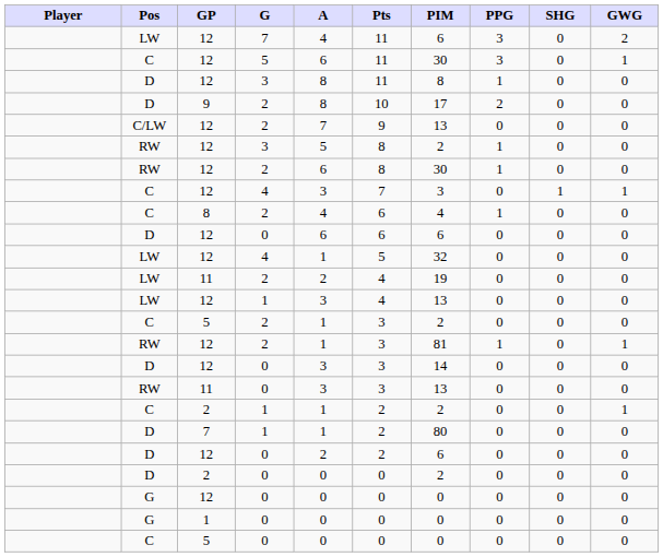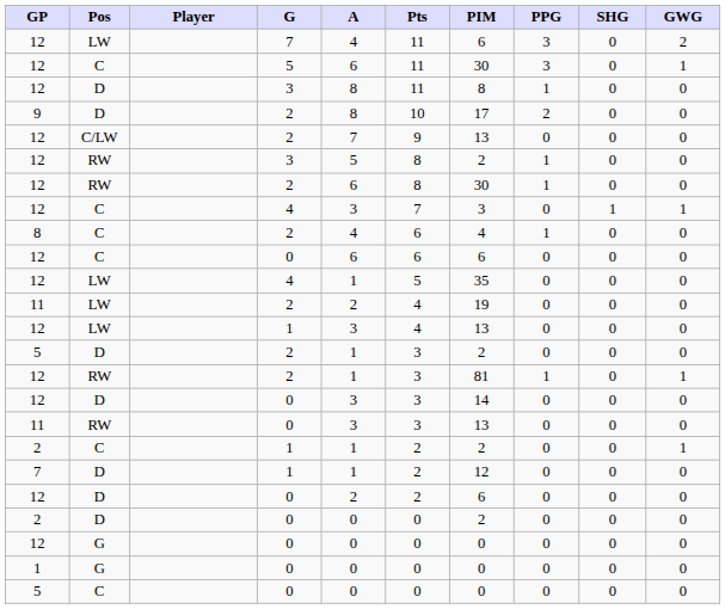 <table style="width:60%;" class="wikitable sortable">
 <tr style="text-align:center;">
+<th style="background:#ddf; width:5%;" title="Games played">GP</th>
+<th style="background:#ddf; width:3%;" title="Position">Pos</th>
 <th style="background:#ddf; width:10%;">Player</th>
-<th style="background:#ddf; width:3%;" title="Position">Pos</th>
-<th style="background:#ddf; width:5%;" title="Games played">GP</th>
 <th style="background:#ddf; width:5%;" title="Goals">G</th>
 <th style="background:#ddf; width:5%;" title="Assists">A</th>
 <th style="background:#ddf; width:5%;" title="Points">Pts</th>
 <th style="background:#ddf; width:5%;" title="Penalties in Minutes">PIM</th>
 <th style="background:#ddf; width:5%;" title="Power Play Goals">PPG</th>
 <th style="background:#ddf; width:5%;" title="Short-handed Goals">SHG</th>
 <th style="background:#ddf; width:5%;" title="Game-winning Goals">GWG</th>
 </tr>
 <tr style="text-align:center;">
+<td>12</td>
+<td>LW</td>
 <td style="text-align:right;"></td>
-<td>LW</td>
-<td>12</td>
 <td>7</td>
 <td>4</td>
 <td>11</td>
 <td>6</td>
 <td>3</td>
 <td>0</td>
 <td>2</td>
 </tr>
 <tr style="text-align:center;">
+<td>12</td>
+<td>C</td>
 <td style="text-align:right;"></td>
-<td>C</td>
-<td>12</td>
 <td>5</td>
 <td>6</td>
 <td>11</td>
 <td>30</td>
 <td>3</td>
 <td>0</td>
 <td>1</td>
 </tr>
 <tr style="text-align:center;">
+<td>12</td>
+<td>D</td>
 <td style="text-align:right;"></td>
-<td>D</td>
-<td>12</td>
 <td>3</td>
 <td>8</td>
 <td>11</td>
 <td>8</td>
 <td>1</td>
 <td>0</td>
 <td>0</td>
 </tr>
 <tr style="text-align:center;">
+<td>9</td>
+<td>D</td>
 <td style="text-align:right;"></td>
-<td>D</td>
-<td>9</td>
 <td>2</td>
 <td>8</td>
 <td>10</td>
 <td>17</td>
 <td>2</td>
 <td>0</td>
 <td>0</td>
 </tr>
 <tr style="text-align:center;">
+<td>12</td>
+<td>C/LW</td>
 <td style="text-align:right;"></td>
-<td>C/LW</td>
-<td>12</td>
 <td>2</td>
 <td>7</td>
 <td>9</td>
 <td>13</td>
 <td>0</td>
 <td>0</td>
 <td>0</td>
 </tr>
 <tr style="text-align:center;">
+<td>12</td>
+<td>RW</td>
 <td style="text-align:right;"></td>
-<td>RW</td>
-<td>12</td>
 <td>3</td>
 <td>5</td>
 <td>8</td>
 <td>2</td>
 <td>1</td>
 <td>0</td>
 <td>0</td>
 </tr>
 <tr style="text-align:center;">
+<td>12</td>
+<td>RW</td>
 <td style="text-align:right;"></td>
-<td>RW</td>
-<td>12</td>
 <td>2</td>
 <td>6</td>
 <td>8</td>
 <td>30</td>
 <td>1</td>
 <td>0</td>
 <td>0</td>
 </tr>
 <tr style="text-align:center;">
+<td>12</td>
+<td>C</td>
 <td style="text-align:right;"></td>
-<td>C</td>
-<td>12</td>
 <td>4</td>
 <td>3</td>
 <td>7</td>
 <td>3</td>
 <td>0</td>
 <td>1</td>
 <td>1</td>
 </tr>
 <tr style="text-align:center;">
+<td>8</td>
+<td>C</td>
 <td style="text-align:right;"></td>
-<td>C</td>
-<td>8</td>
 <td>2</td>
 <td>4</td>
 <td>6</td>
 <td>4</td>
 <td>1</td>
 <td>0</td>
 <td>0</td>
 </tr>
 <tr style="text-align:center;">
+<td>12</td>
+<td>C</td>
 <td style="text-align:right;"></td>
-<td>D</td>
-<td>12</td>
 <td>0</td>
 <td>6</td>
 <td>6</td>
 <td>6</td>
 <td>0</td>
 <td>0</td>
 <td>0</td>
 </tr>
 <tr style="text-align:center;">
+<td>12</td>
+<td>LW</td>
 <td style="text-align:right;"></td>
-<td>LW</td>
-<td>12</td>
 <td>4</td>
 <td>1</td>
 <td>5</td>
-<td>32</td>
+<td>35</td>
 <td>0</td>
 <td>0</td>
 <td>0</td>
 </tr>
 <tr style="text-align:center;">
+<td>11</td>
+<td>LW</td>
 <td style="text-align:right;"></td>
-<td>LW</td>
-<td>11</td>
 <td>2</td>
 <td>2</td>
 <td>4</td>
 <td>19</td>
 <td>0</td>
 <td>0</td>
 <td>0</td>
 </tr>
 <tr style="text-align:center;">
+<td>12</td>
+<td>LW</td>
 <td style="text-align:right;"></td>
-<td>LW</td>
-<td>12</td>
 <td>1</td>
 <td>3</td>
 <td>4</td>
 <td>13</td>
 <td>0</td>
 <td>0</td>
 <td>0</td>
 </tr>
 <tr style="text-align:center;">
+<td>5</td>
+<td>D</td>
 <td style="text-align:right;"></td>
-<td>C</td>
-<td>5</td>
 <td>2</td>
 <td>1</td>
 <td>3</td>
 <td>2</td>
 <td>0</td>
 <td>0</td>
 <td>0</td>
 </tr>
 <tr style="text-align:center;">
+<td>12</td>
+<td>RW</td>
 <td style="text-align:right;"></td>
-<td>RW</td>
-<td>12</td>
 <td>2</td>
 <td>1</td>
 <td>3</td>
 <td>81</td>
 <td>1</td>
 <td>0</td>
 <td>1</td>
 </tr>
 <tr style="text-align:center;">
+<td>12</td>
+<td>D</td>
 <td style="text-align:right;"></td>
-<td>D</td>
-<td>12</td>
 <td>0</td>
 <td>3</td>
 <td>3</td>
 <td>14</td>
 <td>0</td>
 <td>0</td>
 <td>0</td>
 </tr>
 <tr style="text-align:center;">
+<td>11</td>
+<td>RW</td>
 <td style="text-align:right;"></td>
-<td>RW</td>
-<td>11</td>
 <td>0</td>
 <td>3</td>
 <td>3</td>
 <td>13</td>
 <td>0</td>
 <td>0</td>
 <td>0</td>
 </tr>
 <tr style="text-align:center;">
+<td>2</td>
+<td>C</td>
 <td style="text-align:right;"></td>
-<td>C</td>
-<td>2</td>
 <td>1</td>
 <td>1</td>
 <td>2</td>
 <td>2</td>
 <td>0</td>
 <td>0</td>
 <td>1</td>
 </tr>
 <tr style="text-align:center;">
+<td>7</td>
+<td>D</td>
 <td style="text-align:right;"></td>
-<td>D</td>
-<td>7</td>
 <td>1</td>
 <td>1</td>
 <td>2</td>
-<td>80</td>
+<td>12</td>
 <td>0</td>
 <td>0</td>
 <td>0</td>
 </tr>
 <tr style="text-align:center;">
+<td>12</td>
+<td>D</td>
 <td style="text-align:right;"></td>
-<td>D</td>
-<td>12</td>
 <td>0</td>
 <td>2</td>
 <td>2</td>
 <td>6</td>
 <td>0</td>
 <td>0</td>
 <td>0</td>
 </tr>
 <tr style="text-align:center;">
+<td>2</td>
+<td>D</td>
 <td style="text-align:right;"></td>
-<td>D</td>
-<td>2</td>
 <td>0</td>
 <td>0</td>
 <td>0</td>
 <td>2</td>
 <td>0</td>
 <td>0</td>
 <td>0</td>
 </tr>
 <tr style="text-align:center;">
+<td>12</td>
+<td>G</td>
 <td style="text-align:right;"></td>
-<td>G</td>
-<td>12</td>
 <td>0</td>
 <td>0</td>
 <td>0</td>
 <td>0</td>
 <td>0</td>
 <td>0</td>
 <td>0</td>
 </tr>
 <tr style="text-align:center;">
+<td>1</td>
+<td>G</td>
 <td style="text-align:right;"></td>
-<td>G</td>
-<td>1</td>
 <td>0</td>
 <td>0</td>
 <td>0</td>
 <td>0</td>
 <td>0</td>
 <td>0</td>
 <td>0</td>
 </tr>
 <tr style="text-align:center;">
+<td>5</td>
+<td>C</td>
 <td style="text-align:right;"></td>
-<td>C</td>
-<td>5</td>
 <td>0</td>
 <td>0</td>
 <td>0</td>
 <td>0</td>
 <td>0</td>
 <td>0</td>
 <td>0</td>
 </tr>
 </table>
